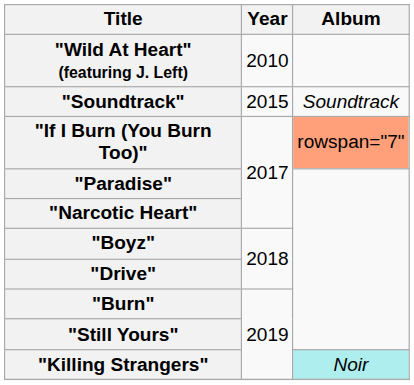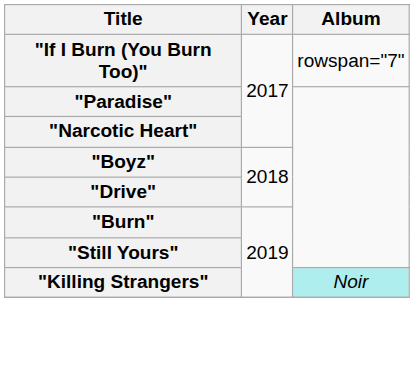 <table class="wikitable plainrowheaders" style="text-align: center;">
 <tr>
 <th scope="col" style="width: 12em;">Title</th>
 <th scope="col">Year</th>
 <th scope="col">Album</th>
 </tr>
 <tr>
-<th scope="row">"Wild At Heart"<br><small>(featuring J. Left)</small></th>
-<td>2010</td>
-<td></td>
-</tr>
-<tr>
-<th scope="row">"Soundtrack"</th>
-<td>2015</td>
-<td><em>Soundtrack</em></td>
-</tr>
-<tr>
 <th scope="row">"If I Burn (You Burn Too)"</th>
 <td rowspan="3">2017</td>
-<td style="background: lightsalmon;">rowspan="7" </td>
+<td>rowspan="7" </td>
 </tr>
 <tr>
 <th scope="row">"Paradise"</th>
 </tr>
 <tr>
 <th scope="row">"Narcotic Heart"</th>
 </tr>
 <tr>
 <th scope="row">"Boyz"</th>
 <td rowspan="2">2018</td>
 </tr>
 <tr>
 <th scope="row">"Drive"</th>
 </tr>
 <tr>
 <th scope="row">"Burn"</th>
 <td rowspan="3">2019</td>
 </tr>
 <tr>
 <th scope="row">"Still Yours"</th>
 </tr>
 <tr>
 <th scope="row">"Killing Strangers"</th>
 <td style="background: paleturquoise;"><em>Noir</em></td>
 </tr>
 <tr>
 </tr>
 </table>
